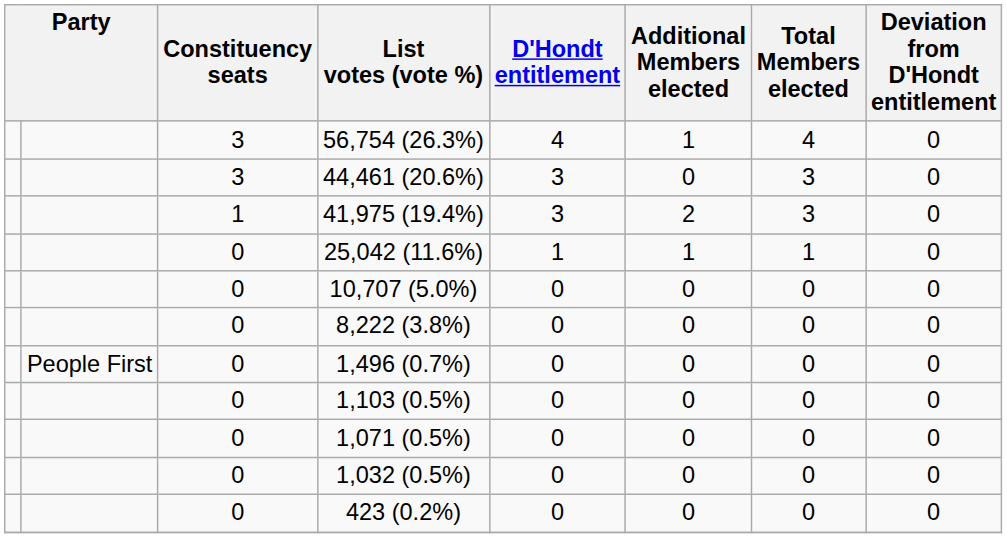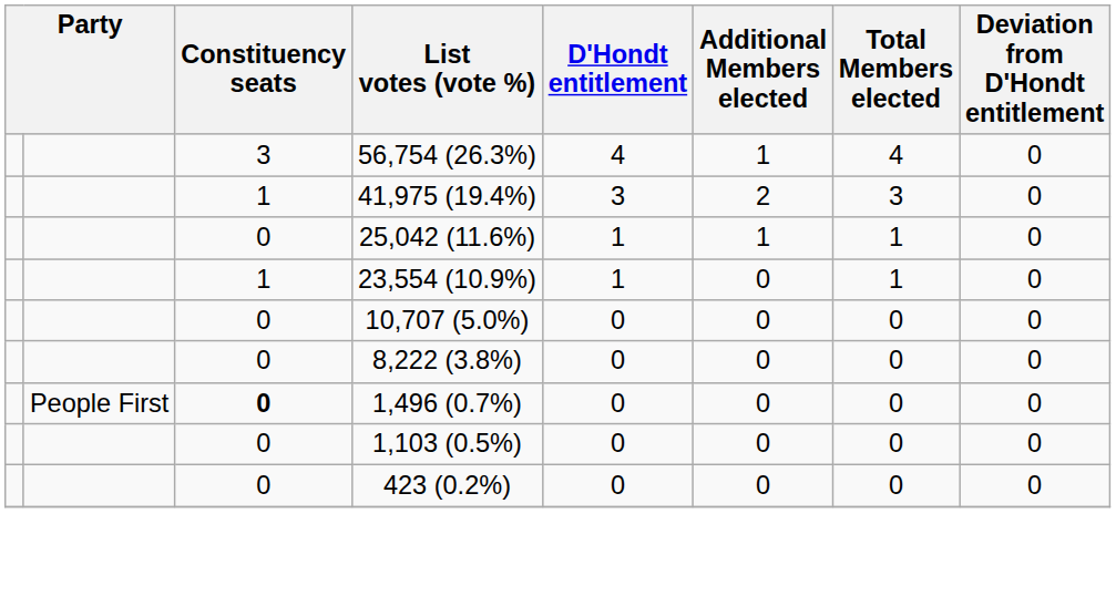 <table class="wikitable" style="text-align:center">
 <tr>
 <th colspan="2" rowspan="1" align="center" valign="top">Party</th>
 <th>Constituency<br>seats</th>
 <th>List<br>votes (vote %)</th>
 <th><a href='#'>D'Hondt<br>entitlement</a></th>
 <th>Additional<br>Members<br>elected</th>
 <th>Total<br>Members<br>elected</th>
 <th>Deviation<br>from<br>D'Hondt<br>entitlement</th>
 </tr>
 <tr>
 <td style="width: 4px"></td>
 <td style="text-align: left;" scope="row"><strong><a href='#'></a></strong></td>
 <td>3</td>
 <td>56,754 (26.3%)</td>
 <td>4</td>
 <td>1</td>
 <td>4</td>
 <td>0</td>
 </tr>
 <tr>
 <td style="width: 4px"></td>
 <td style="text-align: left;" scope="row"><strong><a href='#'></a></strong></td>
-<td>3</td>
-<td>44,461 (20.6%)</td>
-<td>3</td>
-<td>0</td>
-<td>3</td>
-<td>0</td>
-</tr>
-<tr>
-<td style="width: 4px"></td>
-<td style="text-align: left;" scope="row"><strong><a href='#'></a></strong></td>
 <td>1</td>
 <td>41,975 (19.4%)</td>
 <td>3</td>
 <td>2</td>
 <td>3</td>
 <td>0</td>
 </tr>
 <tr>
 <td style="width: 4px"></td>
 <td style="text-align: left;" scope="row"><strong><a href='#'></a></strong></td>
 <td>0</td>
 <td>25,042 (11.6%)</td>
 <td>1</td>
 <td>1</td>
+<td>1</td>
+<td>0</td>
+</tr>
+<tr>
+<td style="width: 4px"></td>
+<td style="text-align: left;" scope="row"><strong><a href='#'></a></strong></td>
+<td>1</td>
+<td>23,554 (10.9%)</td>
+<td>1</td>
+<td>0</td>
 <td>1</td>
 <td>0</td>
 </tr>
 <tr>
 <td style="width: 4px"></td>
 <td style="text-align: left;" scope="row"><a href='#'></a></td>
 <td>0</td>
 <td>10,707 (5.0%)</td>
 <td>0</td>
 <td>0</td>
 <td>0</td>
 <td>0</td>
 </tr>
 <tr>
 <td style="width: 4px"></td>
 <td style="text-align: left;" scope="row"><a href='#'></a></td>
 <td>0</td>
 <td>8,222 (3.8%)</td>
 <td>0</td>
 <td>0</td>
 <td>0</td>
 <td>0</td>
 </tr>
 <tr>
 <td style="width: 4px"></td>
 <td style="text-align: left;" scope="row">People First</td>
-<td>0</td>
+<td><strong>0</strong></td>
 <td>1,496 (0.7%)</td>
 <td>0</td>
 <td>0</td>
 <td>0</td>
 <td>0</td>
 </tr>
 <tr>
 <td style="width: 4px"></td>
 <td style="text-align: left;" scope="row"><a href='#'></a></td>
 <td>0</td>
 <td>1,103 (0.5%)</td>
 <td>0</td>
 <td>0</td>
 <td>0</td>
 <td>0</td>
 </tr>
 <tr>
 <td style="width: 4px"></td>
 <td style="text-align: left;" scope="row"><a href='#'></a></td>
 <td>0</td>
-<td>1,071 (0.5%)</td>
-<td>0</td>
-<td>0</td>
-<td>0</td>
-<td>0</td>
-</tr>
-<tr>
-<td style="width: 4px"></td>
-<td style="text-align: left;" scope="row"><a href='#'></a></td>
-<td>0</td>
-<td>1,032 (0.5%)</td>
-<td>0</td>
-<td>0</td>
-<td>0</td>
-<td>0</td>
-</tr>
-<tr>
-<td style="width: 4px"></td>
-<td style="text-align: left;" scope="row"><a href='#'></a></td>
-<td>0</td>
 <td>423 (0.2%)</td>
 <td>0</td>
 <td>0</td>
 <td>0</td>
 <td>0</td>
 </tr>
 <tr>
 </tr>
 </table>
